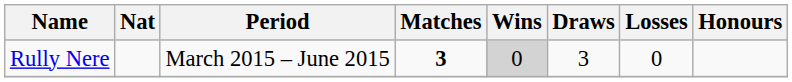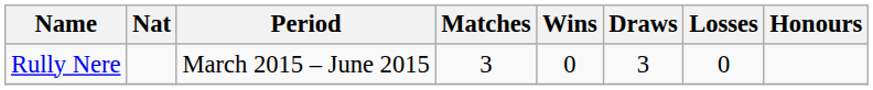 <table class="wikitable">
 <tr>
 <th>Name</th>
 <th>Nat</th>
 <th>Period</th>
 <th>Matches</th>
 <th>Wins</th>
 <th>Draws</th>
 <th>Losses</th>
 <th>Honours</th>
 </tr>
 <tr>
 <td><a href='#'>Rully Nere</a></td>
 <td align="center"></td>
 <td align="center">March 2015 – June 2015</td>
-<td align="center"><strong>3</strong></td>
-<td align="center" style="background: lightgrey;">0</td>
+<td align="center">3</td>
+<td align="center">0</td>
 <td align="center">3</td>
 <td align="center">0</td>
 <td></td>
 </tr>
 <tr>
 </tr>
 </table>
